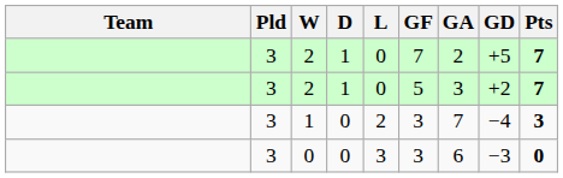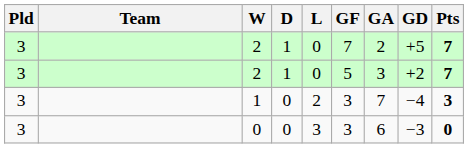 <table class="wikitable" style="text-align:center;">
 <tr>
+<th width=20>Pld</th>
 <th width=180>Team</th>
-<th width=20>Pld</th>
 <th width=20>W</th>
 <th width=20>D</th>
 <th width=20>L</th>
 <th width=20>GF</th>
 <th width=20>GA</th>
 <th width=20>GD</th>
 <th width=20>Pts</th>
 </tr>
 <tr align=center style="background:#ccffcc;">
+<td>3</td>
 <td style="text-align:left;"></td>
-<td>3</td>
 <td>2</td>
 <td>1</td>
 <td>0</td>
 <td>7</td>
 <td>2</td>
 <td>+5</td>
 <td><strong>7</strong></td>
 </tr>
 <tr align=center style="background:#ccffcc;">
+<td>3</td>
 <td style="text-align:left;"></td>
-<td>3</td>
 <td>2</td>
 <td>1</td>
 <td>0</td>
 <td>5</td>
 <td>3</td>
 <td>+2</td>
 <td><strong>7</strong></td>
 </tr>
 <tr align=center>
+<td>3</td>
 <td style="text-align:left;"></td>
-<td>3</td>
 <td>1</td>
 <td>0</td>
 <td>2</td>
 <td>3</td>
 <td>7</td>
 <td>−4</td>
 <td><strong>3</strong></td>
 </tr>
 <tr align=center>
+<td>3</td>
 <td style="text-align:left;"></td>
-<td>3</td>
 <td>0</td>
 <td>0</td>
 <td>3</td>
 <td>3</td>
 <td>6</td>
 <td>−3</td>
 <td><strong>0</strong></td>
 </tr>
 </table>
